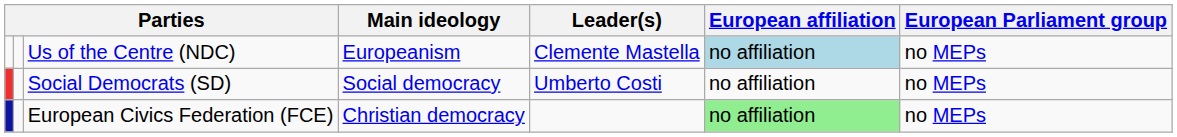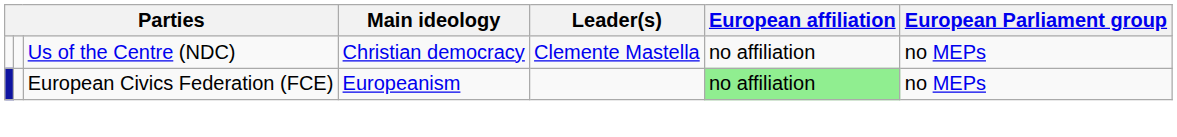 <table class="wikitable sortable" style="font-size:100%">
 <tr>
 <th colspan="3">Parties</th>
 <th>Main ideology</th>
 <th>Leader(s)</th>
 <th><a href='#'>European affiliation</a></th>
 <th><a href='#'>European Parliament group</a></th>
 </tr>
 <tr>
 <td></td>
 <td></td>
 <td><a href='#'>Us of the Centre</a> (NDC)</td>
-<td><a href='#'>Europeanism</a></td>
+<td><a href='#'>Christian democracy</a></td>
 <td><a href='#'>Clemente Mastella</a></td>
-<td style="background: lightblue;">no affiliation</td>
-<td>no <a href='#'>MEPs</a></td>
-</tr>
-<tr>
-<td bgcolor="#EF2F2E"></td>
-<td></td>
-<td><a href='#'>Social Democrats</a> (SD)</td>
-<td><a href='#'>Social democracy</a></td>
-<td><a href='#'>Umberto Costi</a></td>
 <td>no affiliation</td>
 <td>no <a href='#'>MEPs</a></td>
 </tr>
 <tr>
 <td bgcolor="#0f14a0"></td>
 <td></td>
 <td>European Civics Federation (FCE)</td>
-<td><a href='#'>Christian democracy</a></td>
+<td><a href='#'>Europeanism</a></td>
 <td></td>
 <td style="background: lightgreen;">no affiliation</td>
 <td>no <a href='#'>MEPs</a></td>
 </tr>
 </table>
